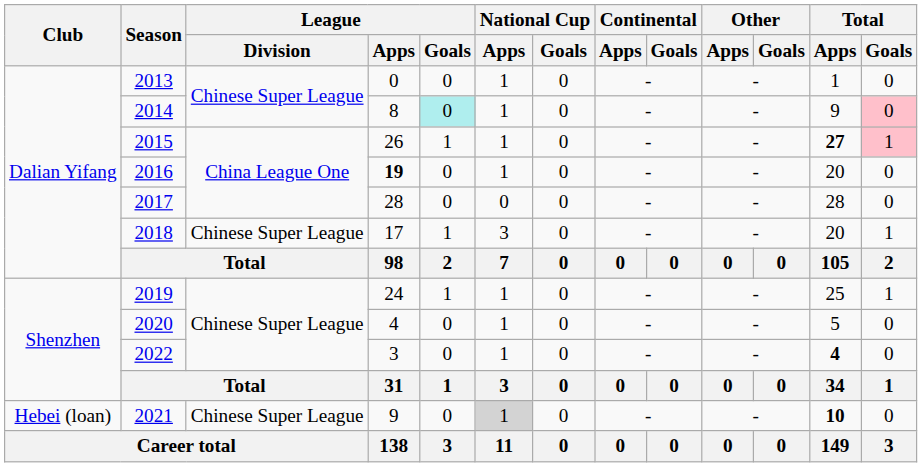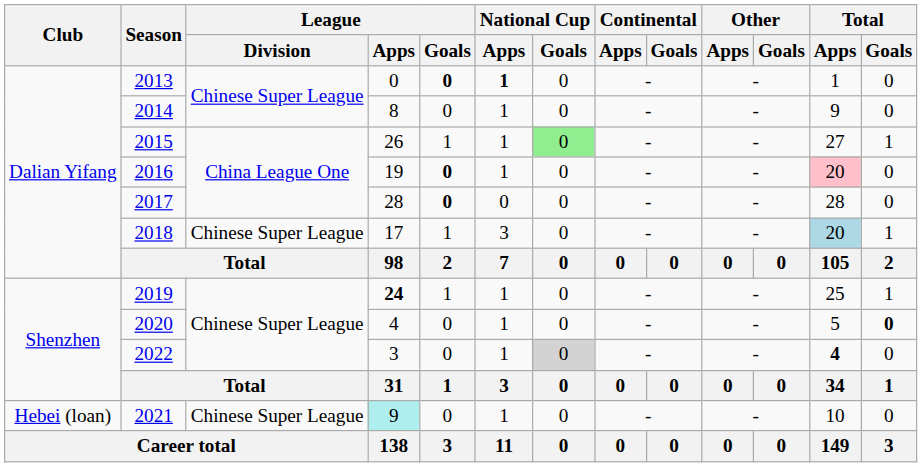 <table class="wikitable" style="text-align: center">
 <tr>
 <th rowspan="2">Club</th>
 <th rowspan="2">Season</th>
 <th colspan="3">League</th>
 <th colspan="2">National Cup</th>
 <th colspan="2">Continental</th>
 <th colspan="2">Other</th>
 <th colspan="2">Total</th>
 </tr>
 <tr>
 <th>Division</th>
 <th>Apps</th>
 <th>Goals</th>
 <th>Apps</th>
 <th>Goals</th>
 <th>Apps</th>
 <th>Goals</th>
 <th>Apps</th>
 <th>Goals</th>
 <th>Apps</th>
 <th>Goals</th>
 </tr>
 <tr>
 <td rowspan=7><a href='#'>Dalian Yifang</a></td>
 <td><a href='#'>2013</a></td>
 <td rowspan="2"><a href='#'>Chinese Super League</a></td>
 <td>0</td>
-<td>0</td>
-<td>1</td>
+<td><strong>0</strong></td>
+<td><strong>1</strong></td>
 <td>0</td>
 <td colspan="2">-</td>
 <td colspan="2">-</td>
 <td>1</td>
 <td>0</td>
 </tr>
 <tr>
 <td><a href='#'>2014</a></td>
 <td>8</td>
-<td style="background: paleturquoise;">0</td>
+<td>0</td>
 <td>1</td>
 <td>0</td>
 <td colspan="2">-</td>
 <td colspan="2">-</td>
 <td>9</td>
-<td style="background: pink;">0</td>
+<td>0</td>
 </tr>
 <tr>
 <td><a href='#'>2015</a></td>
 <td rowspan="3"><a href='#'>China League One</a></td>
 <td>26</td>
 <td>1</td>
 <td>1</td>
-<td>0</td>
+<td style="background: lightgreen;">0</td>
 <td colspan="2">-</td>
 <td colspan="2">-</td>
-<td><strong>27</strong></td>
-<td style="background: pink;">1</td>
+<td>27</td>
+<td>1</td>
 </tr>
 <tr>
 <td><a href='#'>2016</a></td>
-<td><strong>19</strong></td>
-<td>0</td>
+<td>19</td>
+<td><strong>0</strong></td>
 <td>1</td>
 <td>0</td>
 <td colspan="2">-</td>
 <td colspan="2">-</td>
-<td>20</td>
+<td style="background: pink;">20</td>
 <td>0</td>
 </tr>
 <tr>
 <td><a href='#'>2017</a></td>
 <td>28</td>
-<td>0</td>
+<td><strong>0</strong></td>
 <td>0</td>
 <td>0</td>
 <td colspan="2">-</td>
 <td colspan="2">-</td>
 <td>28</td>
 <td>0</td>
 </tr>
 <tr>
 <td><a href='#'>2018</a></td>
 <td>Chinese Super League</td>
 <td>17</td>
 <td>1</td>
 <td>3</td>
 <td>0</td>
 <td colspan="2">-</td>
 <td colspan="2">-</td>
-<td>20</td>
+<td style="background: lightblue;">20</td>
 <td>1</td>
 </tr>
 <tr>
 <th colspan=2>Total</th>
 <th>98</th>
 <th>2</th>
 <th>7</th>
 <th>0</th>
 <th>0</th>
 <th>0</th>
 <th>0</th>
 <th>0</th>
 <th>105</th>
 <th>2</th>
 </tr>
 <tr>
 <td rowspan=4><a href='#'>Shenzhen</a></td>
 <td><a href='#'>2019</a></td>
 <td rowspan=3>Chinese Super League</td>
-<td>24</td>
+<td><strong>24</strong></td>
 <td>1</td>
 <td>1</td>
 <td>0</td>
 <td colspan="2">-</td>
 <td colspan="2">-</td>
 <td>25</td>
 <td>1</td>
 </tr>
 <tr>
 <td><a href='#'>2020</a></td>
 <td>4</td>
 <td>0</td>
 <td>1</td>
 <td>0</td>
 <td colspan="2">-</td>
 <td colspan="2">-</td>
 <td>5</td>
-<td>0</td>
+<td><strong>0</strong></td>
 </tr>
 <tr>
 <td><a href='#'>2022</a></td>
 <td>3</td>
 <td>0</td>
 <td>1</td>
-<td>0</td>
+<td style="background: lightgrey;">0</td>
 <td colspan="2">-</td>
 <td colspan="2">-</td>
 <td><strong>4</strong></td>
 <td>0</td>
 </tr>
 <tr>
 <th colspan=2>Total</th>
 <th>31</th>
 <th>1</th>
 <th>3</th>
 <th>0</th>
 <th>0</th>
 <th>0</th>
 <th>0</th>
 <th>0</th>
 <th>34</th>
 <th>1</th>
 </tr>
 <tr>
 <td><a href='#'>Hebei</a> (loan)</td>
 <td><a href='#'>2021</a></td>
 <td>Chinese Super League</td>
-<td>9</td>
+<td style="background: paleturquoise;">9</td>
 <td>0</td>
-<td style="background: lightgrey;">1</td>
+<td>1</td>
 <td>0</td>
 <td colspan="2">-</td>
 <td colspan="2">-</td>
-<td><strong>10</strong></td>
+<td>10</td>
 <td>0</td>
 </tr>
 <tr>
 <th colspan=3>Career total</th>
 <th>138</th>
 <th>3</th>
 <th>11</th>
 <th>0</th>
 <th>0</th>
 <th>0</th>
 <th>0</th>
 <th>0</th>
 <th>149</th>
 <th>3</th>
 </tr>
 </table>
